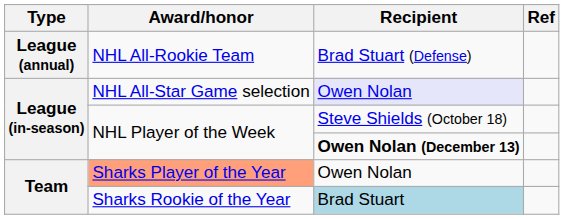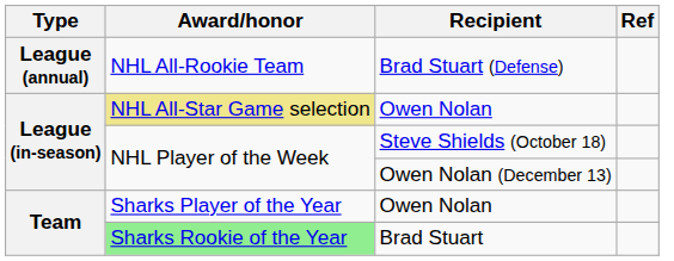 <table class="wikitable">
 <tr>
 <th scope="col">Type</th>
 <th scope="col">Award/honor</th>
 <th scope="col">Recipient</th>
 <th scope="col">Ref</th>
 </tr>
 <tr>
 <th scope="row">League<br><small>(annual)</small></th>
 <td><a href='#'>NHL All-Rookie Team</a></td>
 <td><a href='#'>Brad Stuart</a> <small>(<a href='#'>Defense</a>)</small></td>
 <td></td>
 </tr>
 <tr>
 <th scope="row" rowspan="3">League<br><small>(in-season)</small></th>
-<td><a href='#'>NHL All-Star Game</a> selection</td>
-<td style="background: lavender;"><a href='#'>Owen Nolan</a></td>
+<td style="background: khaki;"><a href='#'>NHL All-Star Game</a> selection</td>
+<td><a href='#'>Owen Nolan</a></td>
 <td></td>
 </tr>
 <tr>
 <td rowspan="2">NHL Player of the Week</td>
 <td><a href='#'>Steve Shields</a> <small>(October 18)</small></td>
 <td></td>
 </tr>
 <tr>
-<td><strong>Owen Nolan <small>(December 13)</small></strong></td>
+<td>Owen Nolan <small>(December 13)</small></td>
 <td></td>
 </tr>
 <tr>
 <th scope="row" rowspan="2">Team</th>
-<td style="background: lightsalmon;"><a href='#'>Sharks Player of the Year</a></td>
+<td><a href='#'>Sharks Player of the Year</a></td>
 <td>Owen Nolan</td>
 <td></td>
 </tr>
 <tr>
-<td><a href='#'>Sharks Rookie of the Year</a></td>
-<td style="background: lightblue;">Brad Stuart</td>
+<td style="background: lightgreen;"><a href='#'>Sharks Rookie of the Year</a></td>
+<td>Brad Stuart</td>
 <td></td>
 </tr>
 </table>
